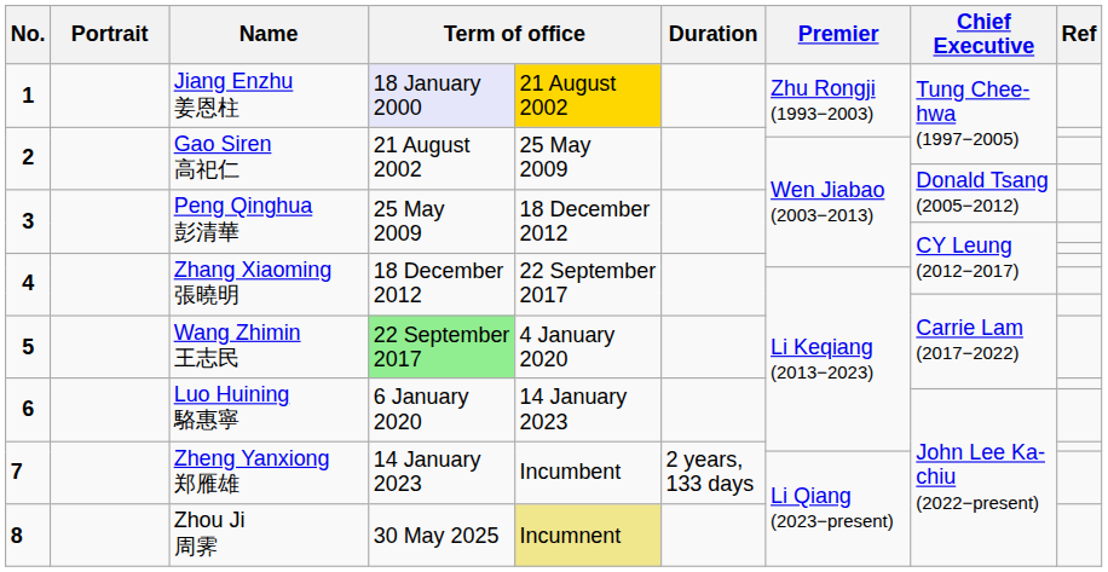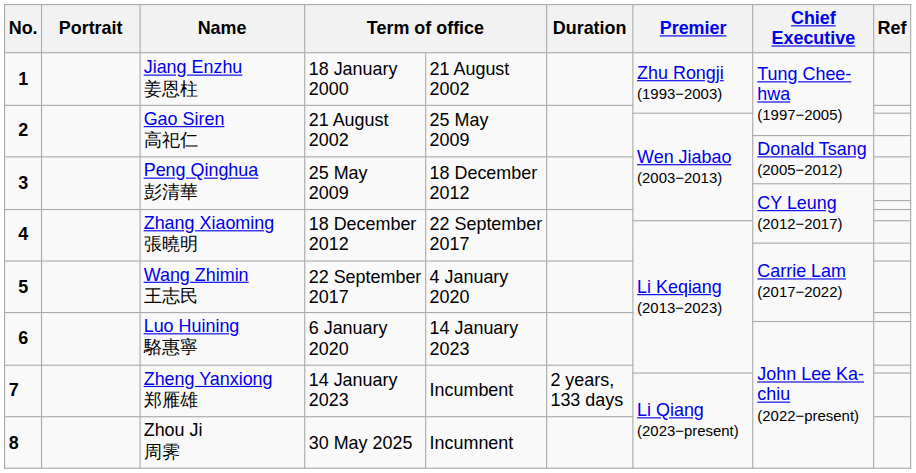 <table class="wikitable" style="text-align:left">
 <tr>
 <th width=10px>No.</th>
 <th width=80px>Portrait</th>
 <th width=140px>Name</th>
 <th width=150px colspan=2>Term of office</th>
 <th width=70px>Duration</th>
 <th width=100px><a href='#'>Premier</a></th>
 <th width=100px><a href='#'>Chief Executive</a></th>
 <th>Ref</th>
 </tr>
 <tr>
 <td align=center><strong>1</strong></td>
 <td></td>
 <td><a href='#'>Jiang Enzhu</a><br>姜恩柱</td>
-<td style="background: lavender;">18 January<br>2000</td>
-<td style="background: gold;">21 August<br>2002</td>
+<td>18 January<br>2000</td>
+<td>21 August<br>2002</td>
 <td></td>
 <td rowspan=2><a href='#'>Zhu Rongji</a><br><small>(1993−2003)</small></td>
 <td rowspan=3><a href='#'>Tung Chee-hwa</a><br><small>(1997−2005)</small></td>
 <td></td>
 </tr>
 <tr>
 <td rowspan=3 align=center><strong>2</strong></td>
 <td rowspan=3></td>
 <td rowspan=3><a href='#'>Gao Siren</a><br>高祀仁</td>
 <td rowspan=3>21 August <br>2002</td>
 <td rowspan=3>25 May <br>2009</td>
 <td rowspan=3></td>
 <td></td>
 </tr>
 <tr>
 <td rowspan=6><a href='#'>Wen Jiabao</a><br><small>(2003−2013)</small></td>
 <td></td>
 </tr>
 <tr>
 <td rowspan=2><a href='#'>Donald Tsang</a><br><small>(2005−2012)</small></td>
 <td></td>
 </tr>
 <tr>
 <td rowspan=3 align=center><strong>3</strong></td>
 <td rowspan=3></td>
 <td rowspan=3><a href='#'>Peng Qinghua</a><br>彭清華</td>
 <td rowspan=3>25 May <br>2009</td>
 <td rowspan=3>18 December <br>2012</td>
 <td rowspan=3></td>
 <td></td>
 </tr>
 <tr>
 <td rowspan=4><a href='#'>CY Leung</a><br><small>(2012−2017)</small></td>
 <td></td>
 </tr>
 <tr>
 <td></td>
 </tr>
 <tr>
 <td rowspan=3 align=center><strong>4</strong></td>
 <td rowspan=3></td>
 <td rowspan=3><a href='#'>Zhang Xiaoming</a><br>張曉明</td>
 <td rowspan=3>18 December <br>2012</td>
 <td rowspan=3>22 September <br>2017</td>
 <td rowspan=3></td>
 <td></td>
 </tr>
 <tr>
 <td rowspan=6><a href='#'>Li Keqiang</a><br><small>(2013−2023)</small></td>
 <td></td>
 </tr>
 <tr>
 <td rowspan=3><a href='#'>Carrie Lam</a><br><small>(2017−2022)</small></td>
 <td></td>
 </tr>
 <tr>
 <td align=center><strong>5</strong></td>
 <td></td>
 <td><a href='#'>Wang Zhimin</a><br>王志民</td>
-<td style="background: lightgreen;">22 September <br>2017</td>
+<td>22 September <br>2017</td>
 <td>4 January <br>2020</td>
 <td></td>
 <td></td>
 </tr>
 <tr>
 <td rowspan=2 align=center><strong>6</strong></td>
 <td rowspan=2></td>
 <td rowspan=2><a href='#'>Luo Huining</a><br>駱惠寧</td>
 <td rowspan=2>6 January <br>2020</td>
 <td rowspan=2>14 January <br>2023</td>
 <td rowspan=2></td>
 <td></td>
 </tr>
 <tr>
 <td rowspan="6"><a href='#'>John Lee Ka-chiu</a><br><small>(2022−present)</small></td>
 <td></td>
 </tr>
 <tr>
 <td rowspan="2"><strong>7</strong></td>
 <td rowspan="2"></td>
 <td rowspan="2"><a href='#'>Zheng Yanxiong</a><br>郑雁雄</td>
 <td rowspan="2">14 January <br>2023</td>
 <td rowspan="2">Incumbent</td>
 <td rowspan="2">2 years,<br>133 days</td>
 <td></td>
 </tr>
 <tr>
 <td rowspan="2"><a href='#'>Li Qiang</a><br><small>(2023−present)</small></td>
 <td></td>
 </tr>
 <tr>
 <td><strong>8</strong></td>
 <td></td>
 <td>Zhou Ji<br>周霁</td>
 <td>30 May 2025</td>
-<td style="background: khaki;">Incumnent</td>
+<td>Incumnent</td>
 <td></td>
 <td></td>
 </tr>
 </table>
